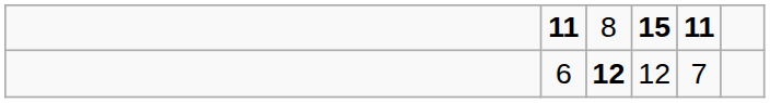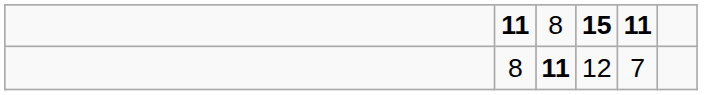 <table class="wikitable">
 <tr>
 <td style="width:18em"><strong></strong></td>
 <td align=center style="width:1em"><strong>11</strong></td>
 <td align=center style="width:1em">8</td>
 <td align=center style="width:1em"><strong>15</strong></td>
 <td align=center style="width:1em"><strong>11</strong></td>
 <td align=center style="width:1em"></td>
 </tr>
 <tr>
 <td style="width:18em"></td>
-<td align=center style="width:1em">6</td>
-<td align=center style="width:1em"><strong>12</strong></td>
+<td align=center style="width:1em">8</td>
+<td align=center style="width:1em"><strong>11</strong></td>
 <td align=center style="width:1em">12</td>
 <td align=center style="width:1em">7</td>
 <td align=center style="width:1em"></td>
 </tr>
 </table>
